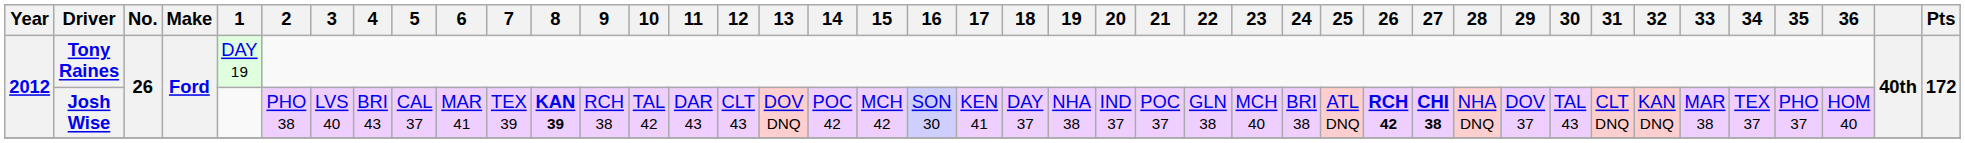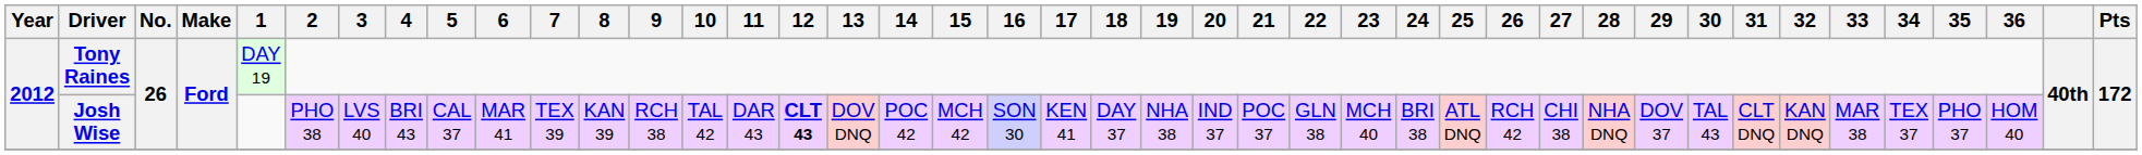 <table class="wikitable" style="text-align:center; font-size:75%">
 <tr>
 <th>Year</th>
 <th>Driver</th>
 <th>No.</th>
 <th>Make</th>
 <th>1</th>
 <th>2</th>
 <th>3</th>
 <th>4</th>
 <th>5</th>
 <th>6</th>
 <th>7</th>
 <th>8</th>
 <th>9</th>
 <th>10</th>
 <th>11</th>
 <th>12</th>
 <th>13</th>
 <th>14</th>
 <th>15</th>
 <th>16</th>
 <th>17</th>
 <th>18</th>
 <th>19</th>
 <th>20</th>
 <th>21</th>
 <th>22</th>
 <th>23</th>
 <th>24</th>
 <th>25</th>
 <th>26</th>
 <th>27</th>
 <th>28</th>
 <th>29</th>
 <th>30</th>
 <th>31</th>
 <th>32</th>
 <th>33</th>
 <th>34</th>
 <th>35</th>
 <th>36</th>
 <th></th>
 <th>Pts</th>
 </tr>
 <tr>
 <th rowspan=2><a href='#'>2012</a></th>
 <th><a href='#'>Tony Raines</a></th>
 <th rowspan=2>26</th>
 <th rowspan=2><a href='#'>Ford</a></th>
 <td style="background:#DFFFDF;"><a href='#'>DAY</a><br><small>19</small></td>
 <td colspan=35></td>
 <th rowspan=2>40th</th>
 <th rowspan=2>172</th>
 </tr>
 <tr>
 <th><a href='#'>Josh Wise</a></th>
 <td></td>
 <td style="background:#EFCFFF;"><a href='#'>PHO</a><br><small>38</small></td>
 <td style="background:#EFCFFF;"><a href='#'>LVS</a><br><small>40</small></td>
 <td style="background:#EFCFFF;"><a href='#'>BRI</a><br><small>43</small></td>
 <td style="background:#EFCFFF;"><a href='#'>CAL</a><br><small>37</small></td>
 <td style="background:#EFCFFF;"><a href='#'>MAR</a><br><small>41</small></td>
 <td style="background:#EFCFFF;"><a href='#'>TEX</a><br><small>39</small></td>
-<td style="background:#EFCFFF;"><strong><a href='#'>KAN</a><br><small>39</small></strong></td>
+<td style="background:#EFCFFF;"><a href='#'>KAN</a><br><small>39</small></td>
 <td style="background:#EFCFFF;"><a href='#'>RCH</a><br><small>38</small></td>
 <td style="background:#EFCFFF;"><a href='#'>TAL</a><br><small>42</small></td>
 <td style="background:#EFCFFF;"><a href='#'>DAR</a><br><small>43</small></td>
-<td style="background:#EFCFFF;"><a href='#'>CLT</a><br><small>43</small></td>
+<td style="background:#EFCFFF;"><strong><a href='#'>CLT</a><br><small>43</small></strong></td>
 <td style="background:#FFCFCF;"><a href='#'>DOV</a><br><small>DNQ</small></td>
 <td style="background:#EFCFFF;"><a href='#'>POC</a><br><small>42</small></td>
 <td style="background:#EFCFFF;"><a href='#'>MCH</a><br><small>42</small></td>
 <td style="background:#CFCFFF;"><a href='#'>SON</a><br><small>30</small></td>
 <td style="background:#EFCFFF;"><a href='#'>KEN</a><br><small>41</small></td>
 <td style="background:#EFCFFF;"><a href='#'>DAY</a><br><small>37</small></td>
 <td style="background:#EFCFFF;"><a href='#'>NHA</a><br><small>38</small></td>
 <td style="background:#EFCFFF;"><a href='#'>IND</a><br><small>37</small></td>
 <td style="background:#EFCFFF;"><a href='#'>POC</a><br><small>37</small></td>
 <td style="background:#EFCFFF;"><a href='#'>GLN</a><br><small>38</small></td>
 <td style="background:#EFCFFF;"><a href='#'>MCH</a><br><small>40</small></td>
 <td style="background:#EFCFFF;"><a href='#'>BRI</a><br><small>38</small></td>
 <td style="background:#FFCFCF;"><a href='#'>ATL</a><br><small>DNQ</small></td>
-<td style="background:#EFCFFF;"><strong><a href='#'>RCH</a><br><small>42</small></strong></td>
-<td style="background:#EFCFFF;"><strong><a href='#'>CHI</a><br><small>38</small></strong></td>
+<td style="background:#EFCFFF;"><a href='#'>RCH</a><br><small>42</small></td>
+<td style="background:#EFCFFF;"><a href='#'>CHI</a><br><small>38</small></td>
 <td style="background:#FFCFCF;"><a href='#'>NHA</a><br><small>DNQ</small></td>
 <td style="background:#EFCFFF;"><a href='#'>DOV</a><br><small>37</small></td>
 <td style="background:#EFCFFF;"><a href='#'>TAL</a><br><small>43</small></td>
 <td style="background:#FFCFCF;"><a href='#'>CLT</a><br><small>DNQ</small></td>
 <td style="background:#FFCFCF;"><a href='#'>KAN</a><br><small>DNQ</small></td>
 <td style="background:#EFCFFF;"><a href='#'>MAR</a><br><small>38</small></td>
 <td style="background:#EFCFFF;"><a href='#'>TEX</a><br><small>37</small></td>
 <td style="background:#EFCFFF;"><a href='#'>PHO</a><br><small>37</small></td>
 <td style="background:#EFCFFF;"><a href='#'>HOM</a><br><small>40</small></td>
 </tr>
 <tr>
 </tr>
 </table>
